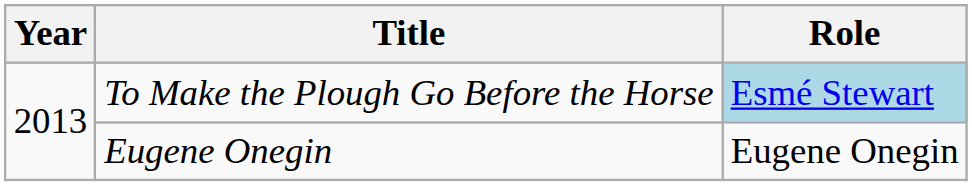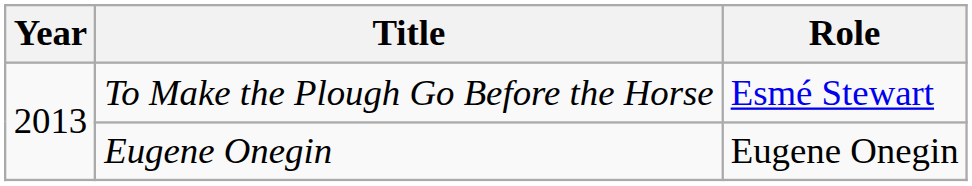 <table class="wikitable">
 <tr>
 <th>Year</th>
 <th>Title</th>
 <th>Role</th>
 </tr>
 <tr>
 <td rowspan="2">2013</td>
 <td><em>To Make the Plough Go Before the Horse</em></td>
-<td style="background: lightblue;"><a href='#'>Esmé Stewart</a></td>
+<td><a href='#'>Esmé Stewart</a></td>
 </tr>
 <tr>
 <td><em>Eugene Onegin</em></td>
 <td>Eugene Onegin</td>
 </tr>
 </table>
